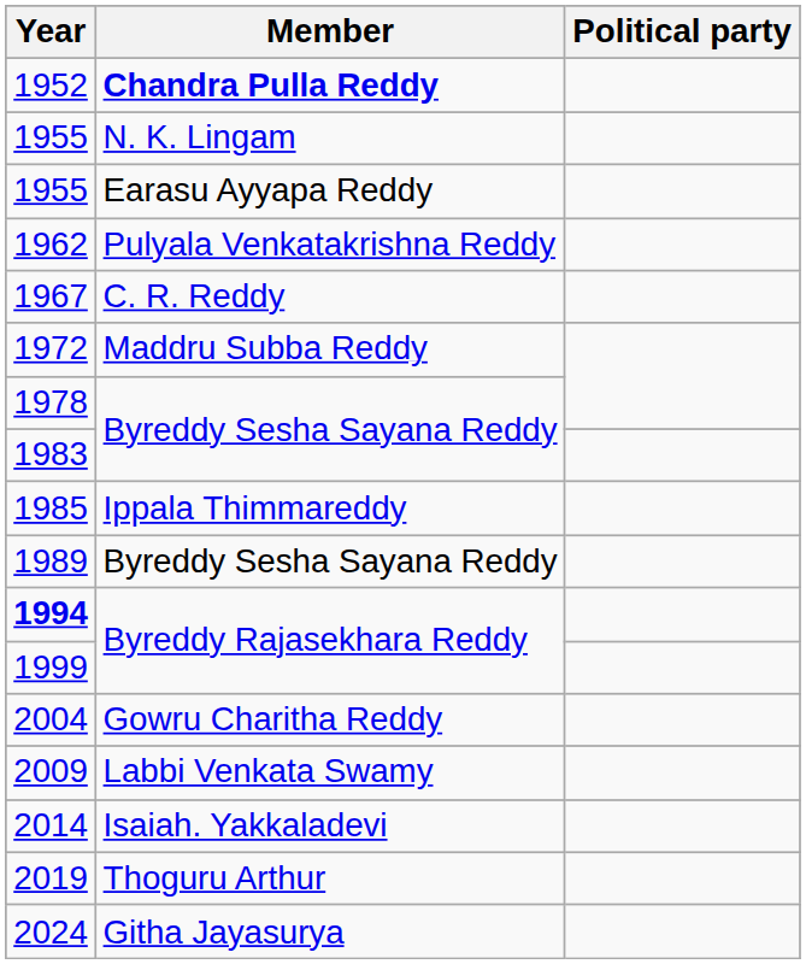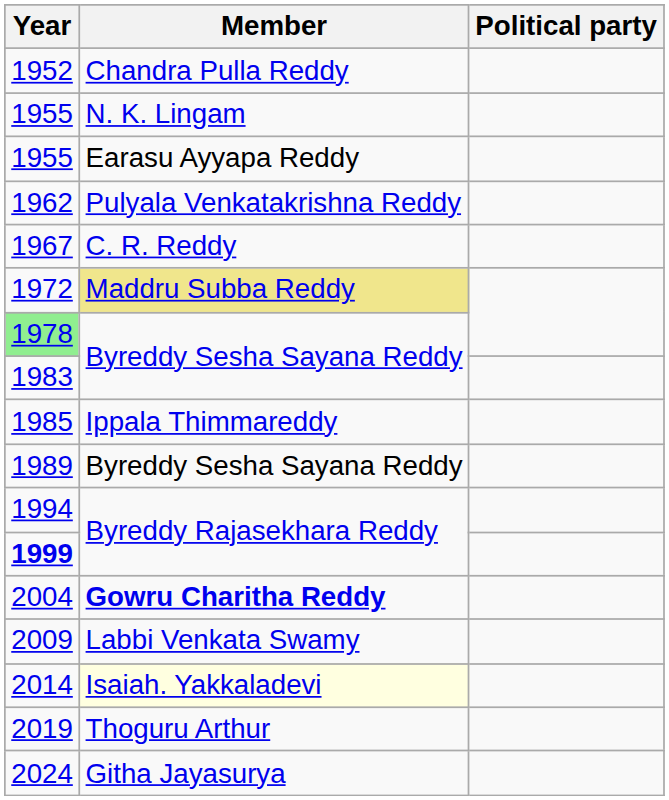 <table class="wikitable sortable">
 <tr>
 <th>Year</th>
 <th>Member</th>
 <th colspan="2">Political party</th>
 </tr>
 <tr>
 <td><a href='#'>1952</a></td>
-<td><strong><a href='#'>Chandra Pulla Reddy</a></strong></td>
+<td><a href='#'>Chandra Pulla Reddy</a></td>
 <td></td>
 </tr>
 <tr>
 <td><a href='#'>1955</a></td>
 <td><a href='#'>N. K. Lingam</a></td>
 <td></td>
 </tr>
 <tr>
 <td><a href='#'>1955</a></td>
 <td>Earasu Ayyapa Reddy</td>
 <td></td>
 </tr>
 <tr>
 <td><a href='#'>1962</a></td>
 <td><a href='#'>Pulyala Venkatakrishna Reddy</a></td>
 <td></td>
 </tr>
 <tr>
 <td><a href='#'>1967</a></td>
 <td><a href='#'>C. R. Reddy</a></td>
 <td></td>
 </tr>
 <tr>
 <td><a href='#'>1972</a></td>
-<td><a href='#'>Maddru Subba Reddy</a></td>
+<td style="background: khaki;"><a href='#'>Maddru Subba Reddy</a></td>
 </tr>
 <tr>
-<td><a href='#'>1978</a></td>
+<td style="background: lightgreen;"><a href='#'>1978</a></td>
 <td rowspan=2><a href='#'>Byreddy Sesha Sayana Reddy</a></td>
 </tr>
 <tr>
 <td><a href='#'>1983</a></td>
 <td></td>
 </tr>
 <tr>
 <td><a href='#'>1985</a></td>
 <td><a href='#'>Ippala Thimmareddy</a></td>
 <td></td>
 </tr>
 <tr>
 <td><a href='#'>1989</a></td>
 <td>Byreddy Sesha Sayana Reddy</td>
 <td></td>
 </tr>
 <tr>
-<td><strong><a href='#'>1994</a></strong></td>
+<td><a href='#'>1994</a></td>
 <td rowspan=2><a href='#'>Byreddy Rajasekhara Reddy</a></td>
 <td></td>
 </tr>
 <tr>
-<td><a href='#'>1999</a></td>
+<td><strong><a href='#'>1999</a></strong></td>
 </tr>
 <tr>
 <td><a href='#'>2004</a></td>
-<td><a href='#'>Gowru Charitha Reddy</a></td>
+<td><strong><a href='#'>Gowru Charitha Reddy</a></strong></td>
 <td></td>
 </tr>
 <tr>
 <td><a href='#'>2009</a></td>
 <td><a href='#'>Labbi Venkata Swamy</a></td>
 </tr>
 <tr>
 <td><a href='#'>2014</a></td>
-<td><a href='#'>Isaiah. Yakkaladevi</a></td>
+<td style="background: lightyellow;"><a href='#'>Isaiah. Yakkaladevi</a></td>
 <td></td>
 </tr>
 <tr>
 <td><a href='#'>2019</a></td>
 <td><a href='#'>Thoguru Arthur</a></td>
 </tr>
 <tr>
 <td><a href='#'>2024</a></td>
 <td><a href='#'>Githa Jayasurya</a></td>
 <td></td>
 </tr>
 </table>
